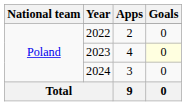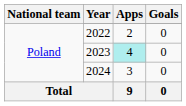 <table class="wikitable" style="text-align: center;">
 <tr>
 <th>National team</th>
 <th>Year</th>
 <th>Apps</th>
 <th>Goals</th>
 </tr>
 <tr>
 <td rowspan="4"><a href='#'>Poland</a></td>
 </tr>
 <tr>
 <td>2022</td>
 <td>2</td>
 <td>0</td>
 </tr>
 <tr>
 <td>2023</td>
-<td>4</td>
-<td style="background: lightyellow;">0</td>
+<td style="background: paleturquoise;">4</td>
+<td>0</td>
 </tr>
 <tr>
 <td>2024</td>
 <td>3</td>
 <td>0</td>
 </tr>
 <tr>
 <th colspan="2">Total</th>
 <th>9</th>
 <th>0</th>
 </tr>
 </table>
